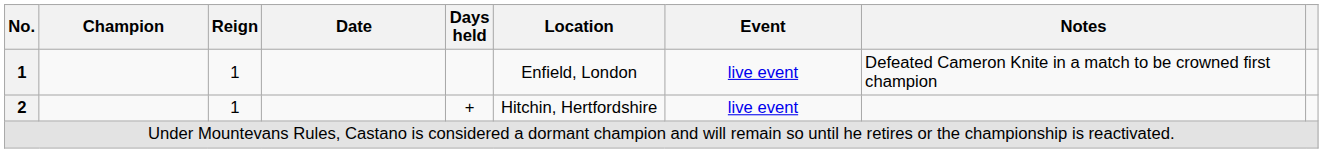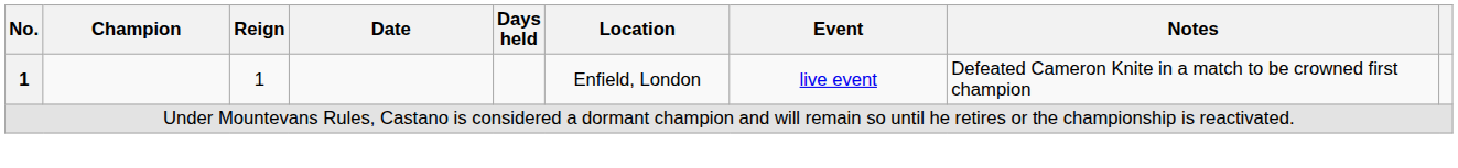 <table class="wikitable sortable" style="text-align: center" width=100%>
 <tr>
 <th width=0 data-sort-type="number" scope="col">No.</th>
 <th width=14% scope="col">Champion</th>
 <th width=0 scope="col">Reign</th>
 <th width=16% scope="col">Date</th>
 <th width=0 data-sort-type="number" scope="col">Days held</th>
 <th width=14% scope="col">Location</th>
 <th width=17% scope="col">Event</th>
 <th width=51% class="unsortable" scope="col">Notes</th>
 <th width=0 class="unsortable" scope="col"></th>
 </tr>
 <tr>
 <th scope="row">1</th>
 <td></td>
 <td>1</td>
 <td></td>
 <td></td>
 <td>Enfield, London</td>
 <td><a href='#'>live event</a></td>
 <td align=left>Defeated Cameron Knite in a match to be crowned first champion</td>
 <td> </td>
 </tr>
-<tr>
-<th scope="row">2</th>
-<td></td>
-<td>1</td>
-<td></td>
-<td>+</td>
-<td>Hitchin, Hertfordshire</td>
-<td><a href='#'>live event</a></td>
-<td align=left> </td>
-<td> </td>
-</tr>
 <tr style="background-color:#e3e3e3">
 <td colspan="9">Under Mountevans Rules, Castano is considered a dormant champion and will remain so until he retires or the championship is reactivated.</td>
 </tr>
 </table>
